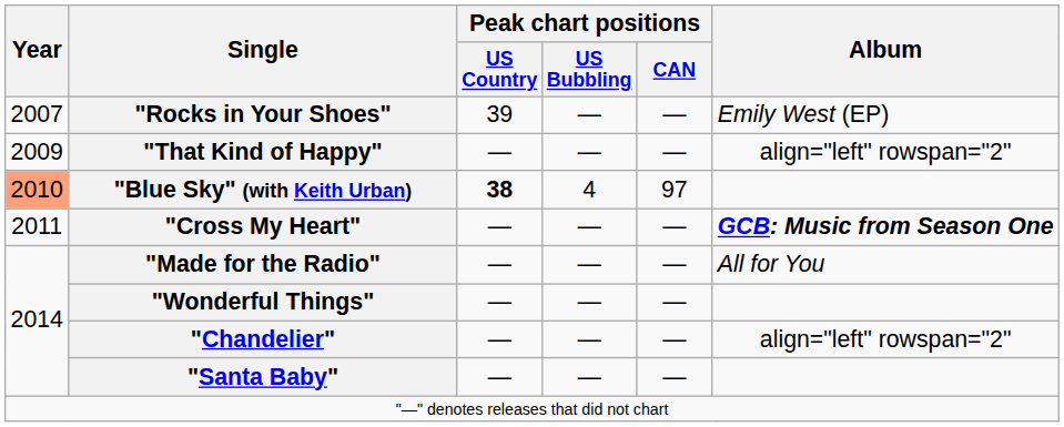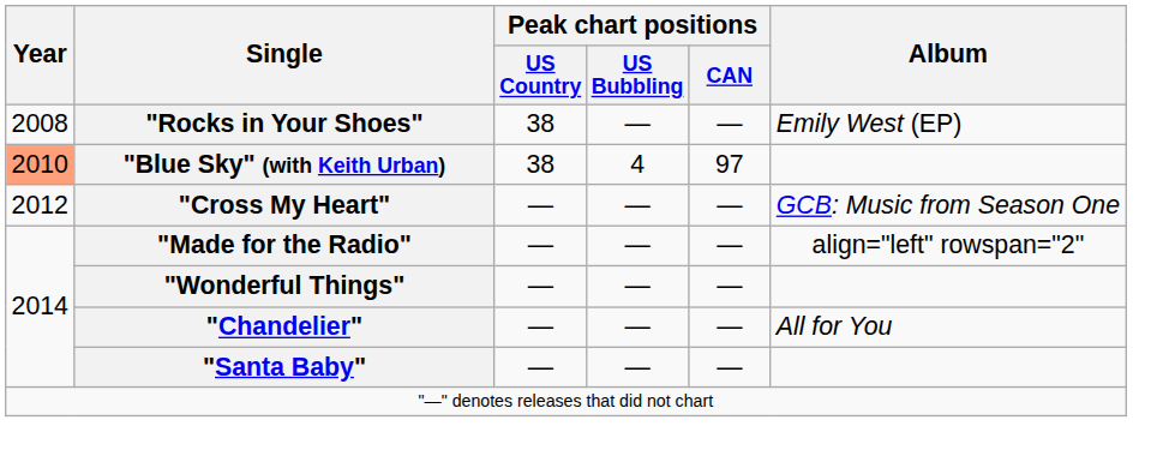 <table class="wikitable plainrowheaders" style="text-align:center;">
 <tr>
 <th rowspan="2">Year</th>
 <th rowspan="2" style="width:16em;">Single</th>
 <th colspan="3">Peak chart positions</th>
 <th rowspan="2">Album</th>
 </tr>
 <tr style="font-size:smaller;">
 <th style="width:45px;"><a href='#'>US Country</a></th>
 <th style="width:45px;"><a href='#'>US Bubbling</a><br></th>
 <th style="width:45px;"><a href='#'>CAN</a></th>
 </tr>
 <tr>
-<td>2007</td>
+<td>2008</td>
 <th scope="row">"Rocks in Your Shoes"</th>
-<td>39</td>
+<td>38</td>
 <td>—</td>
 <td>—</td>
 <td style="text-align:left;"><em>Emily West</em> (EP)</td>
 </tr>
 <tr>
-<td>2009</td>
-<th scope="row">"That Kind of Happy"</th>
-<td>—</td>
-<td>—</td>
-<td>—</td>
-<td>align="left" rowspan="2" </td>
-</tr>
-<tr>
 <td style="background: lightsalmon;">2010</td>
 <th scope="row">"Blue Sky" <small>(with <a href='#'>Keith Urban</a>)</small></th>
-<td><strong>38</strong></td>
+<td>38</td>
 <td>4</td>
 <td>97</td>
 </tr>
 <tr>
-<td>2011</td>
+<td>2012</td>
 <th scope="row">"Cross My Heart"</th>
 <td>—</td>
 <td>—</td>
 <td>—</td>
-<td style="text-align:left;"><strong><em><a href='#'>GCB</a>: Music from Season One</em></strong></td>
+<td style="text-align:left;"><em><a href='#'>GCB</a>: Music from Season One</em></td>
 </tr>
 <tr>
 <td rowspan="4">2014</td>
 <th scope="row">"Made for the Radio"</th>
 <td>—</td>
 <td>—</td>
 <td>—</td>
-<td align="left"><em>All for You</em></td>
+<td>align="left" rowspan="2" </td>
 </tr>
 <tr>
 <th scope="row">"Wonderful Things"</th>
 <td>—</td>
 <td>—</td>
 <td>—</td>
 </tr>
 <tr>
 <th scope="row">"<a href='#'>Chandelier</a>"</th>
 <td>—</td>
 <td>—</td>
 <td>—</td>
-<td>align="left" rowspan="2" </td>
+<td align="left"><em>All for You</em></td>
 </tr>
 <tr>
 <th scope="row">"<a href='#'>Santa Baby</a>"</th>
 <td>—</td>
 <td>—</td>
 <td>—</td>
 <td></td>
 </tr>
 <tr>
 <td colspan="6" style="font-size:8pt">"—" denotes releases that did not chart</td>
 </tr>
 </table>
